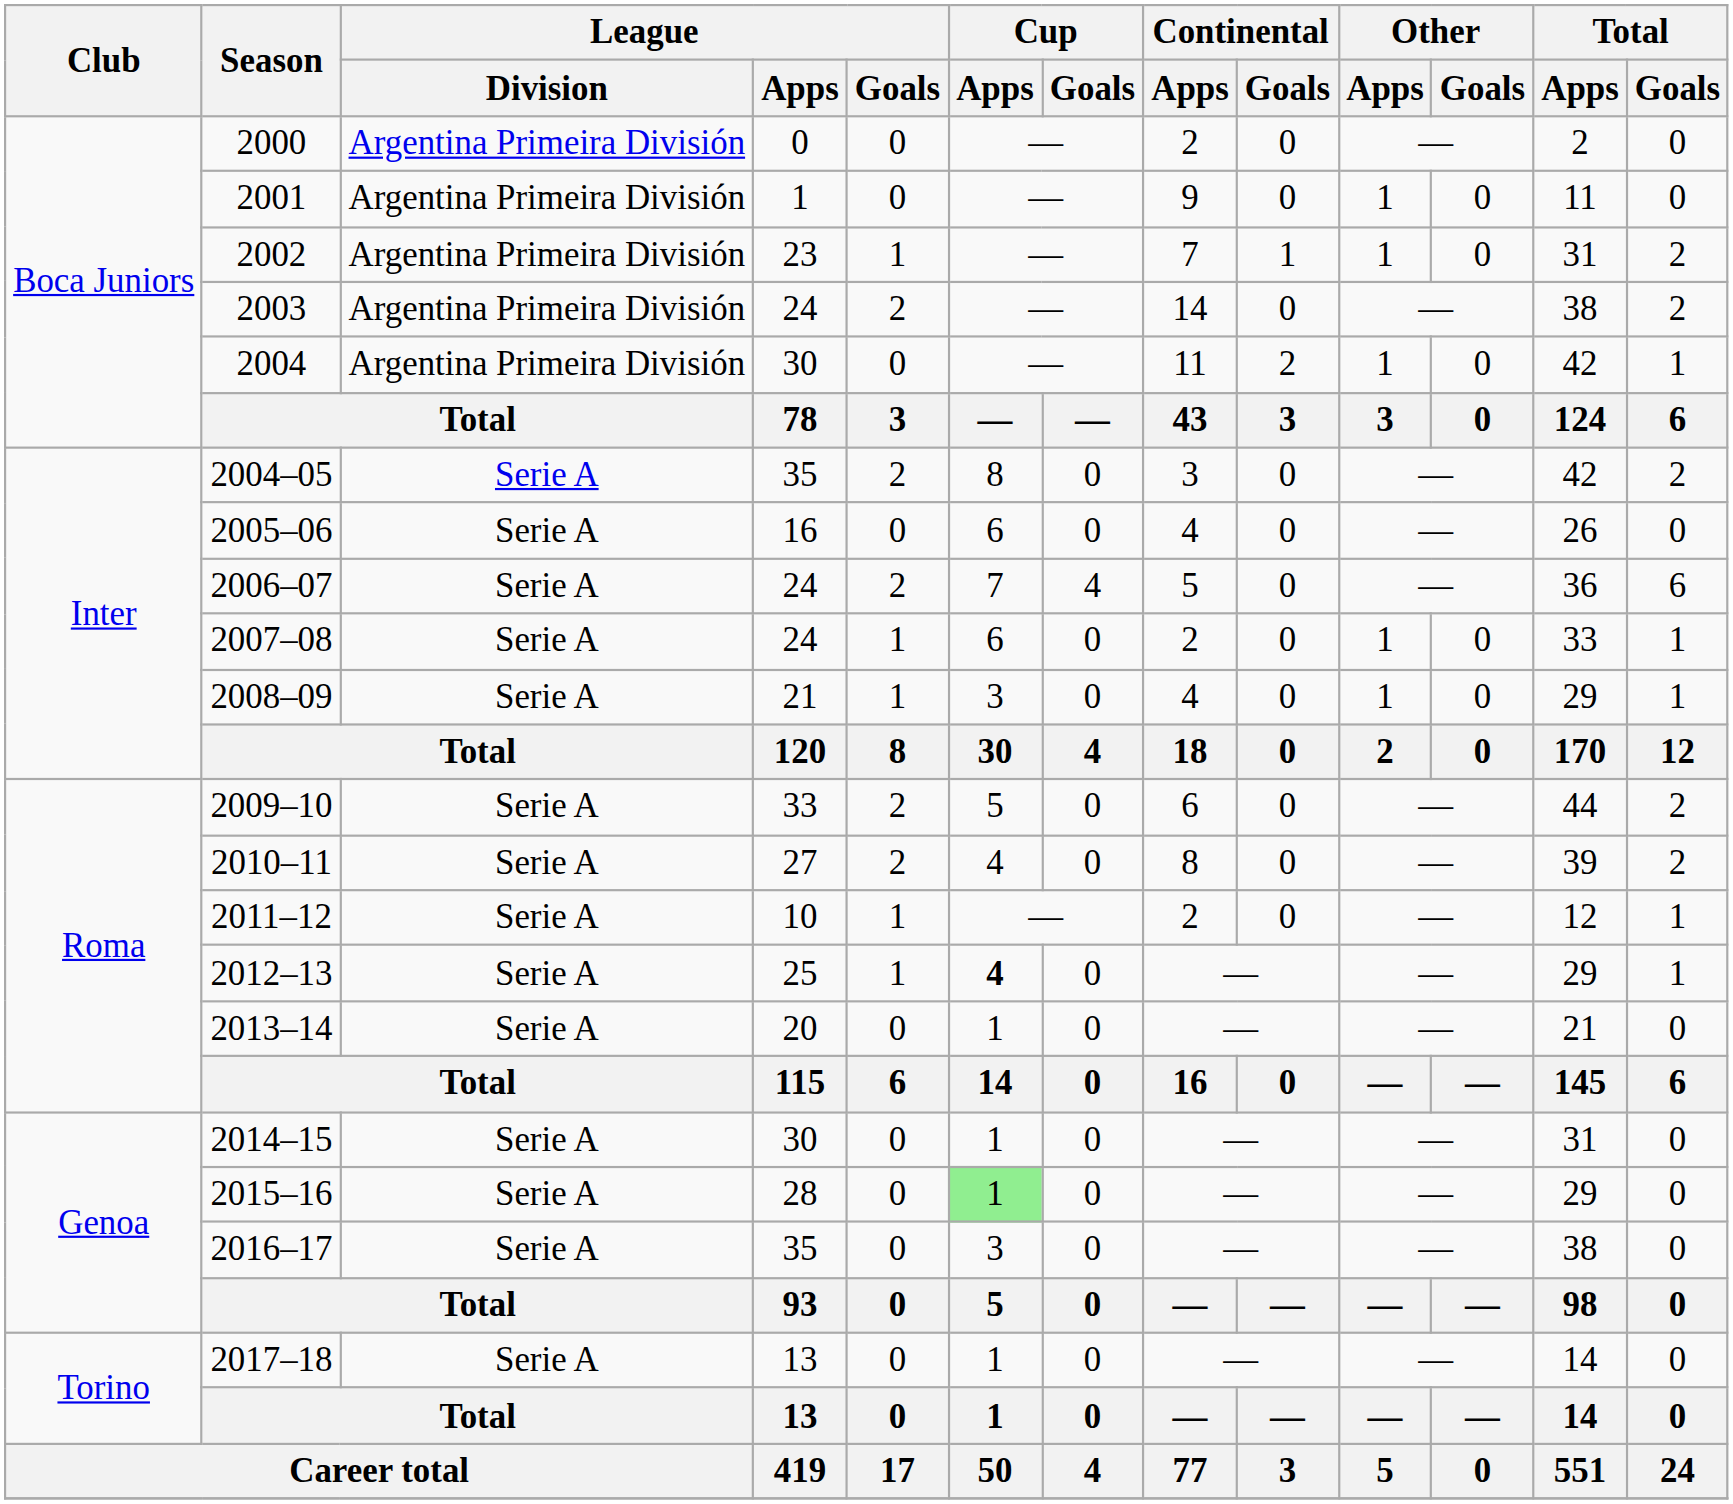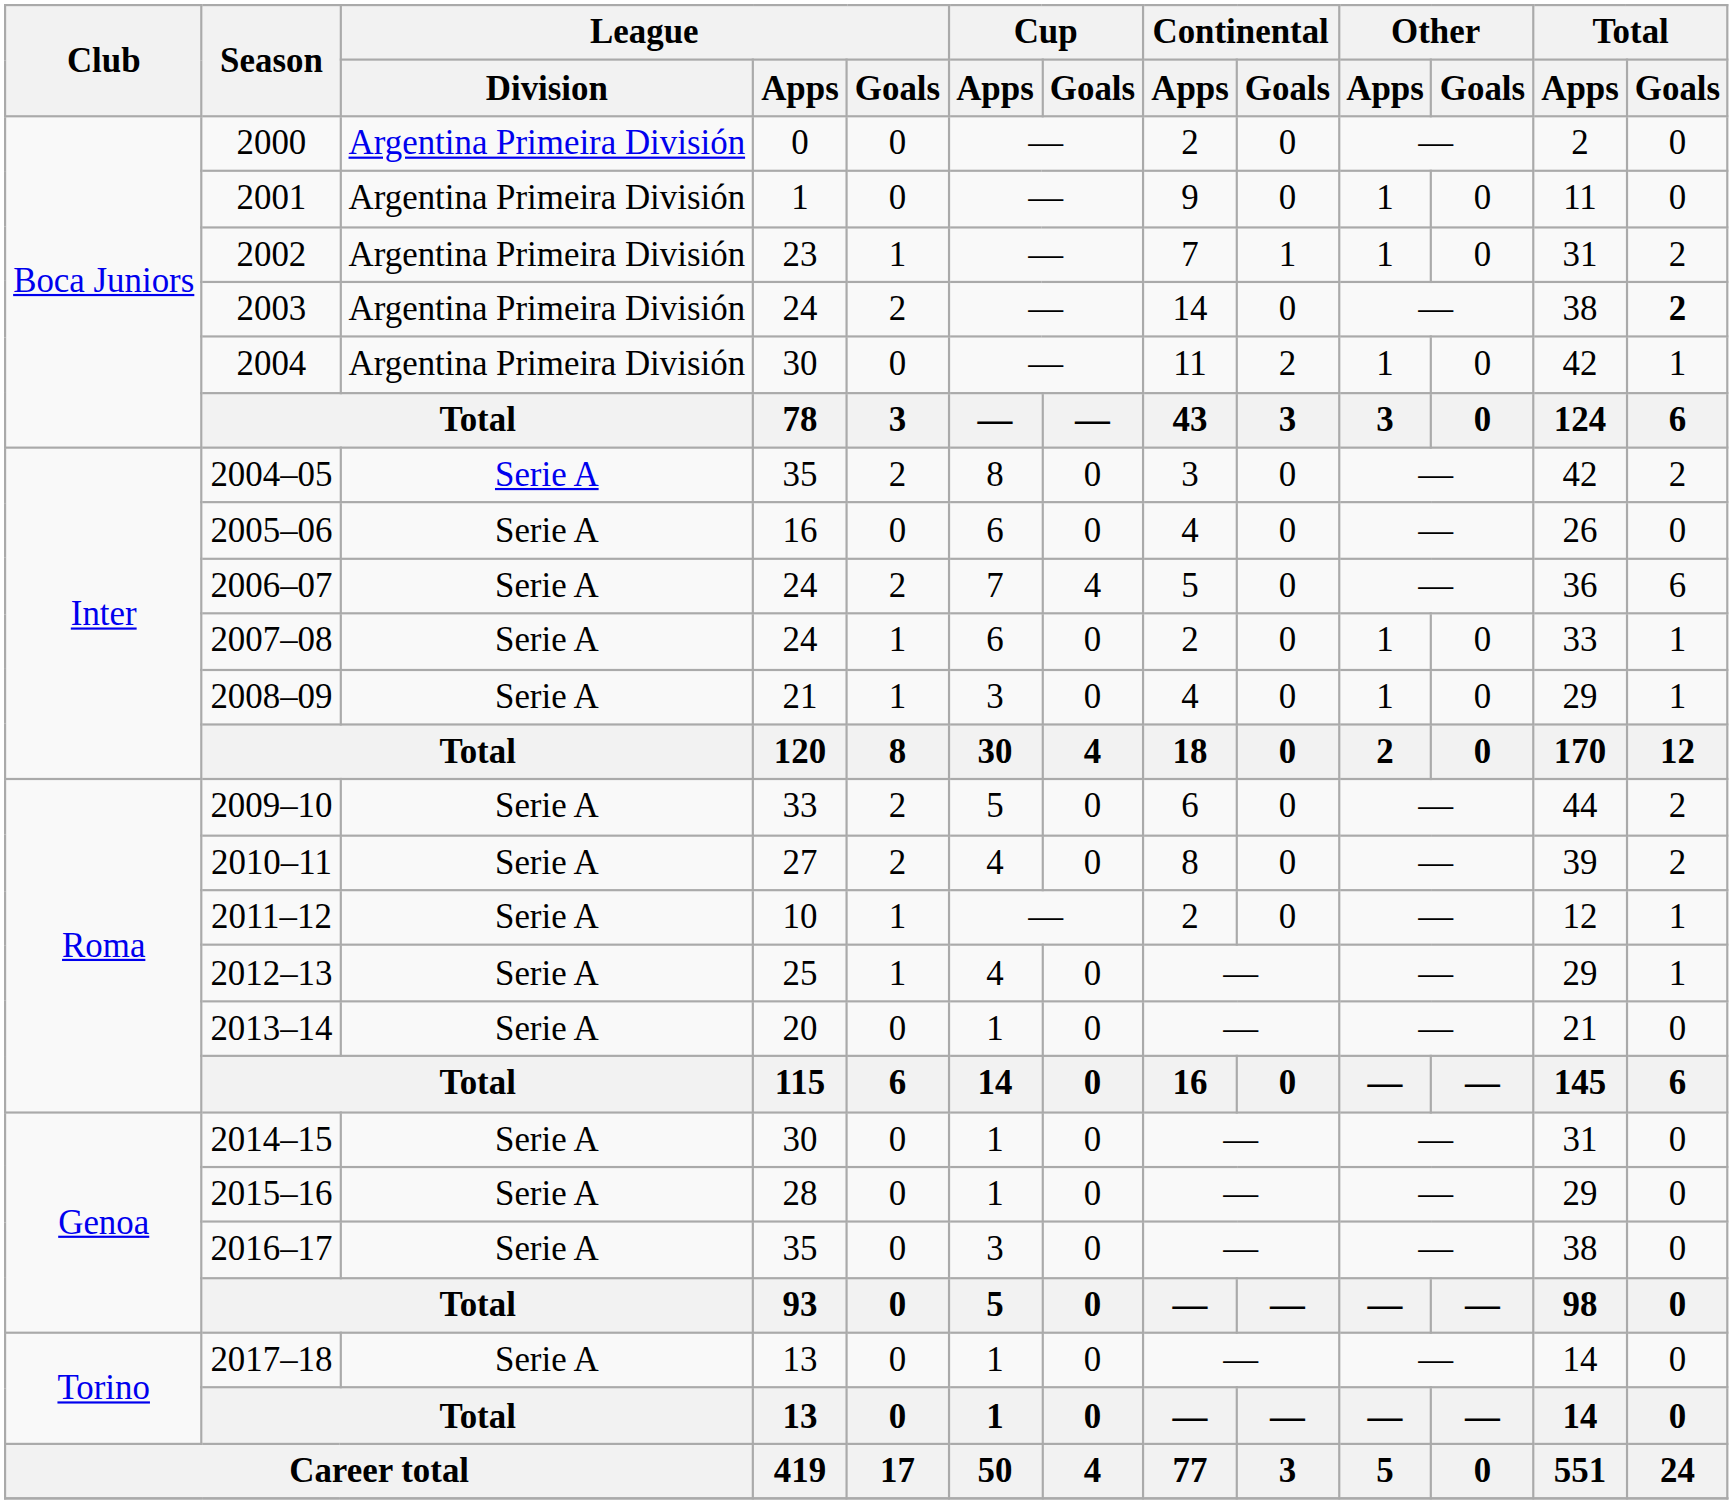 <table class="wikitable" style="text-align:center">
 <tr>
 <th rowspan="2">Club</th>
 <th rowspan="2">Season</th>
 <th colspan="3">League</th>
 <th colspan="2">Cup</th>
 <th colspan="2">Continental</th>
 <th colspan="2">Other</th>
 <th colspan="2">Total</th>
 </tr>
 <tr>
 <th>Division</th>
 <th>Apps</th>
 <th>Goals</th>
 <th>Apps</th>
 <th>Goals</th>
 <th>Apps</th>
 <th>Goals</th>
 <th>Apps</th>
 <th>Goals</th>
 <th>Apps</th>
 <th>Goals</th>
 </tr>
 <tr>
 <td rowspan="6"><a href='#'>Boca Juniors</a></td>
 <td>2000</td>
 <td><a href='#'>Argentina Primeira División</a></td>
 <td>0</td>
 <td>0</td>
 <td colspan="2">—</td>
 <td>2</td>
 <td>0</td>
 <td colspan="2">—</td>
 <td>2</td>
 <td>0</td>
 </tr>
 <tr>
 <td>2001</td>
 <td>Argentina Primeira División</td>
 <td>1</td>
 <td>0</td>
 <td colspan="2">—</td>
 <td>9</td>
 <td>0</td>
 <td>1</td>
 <td>0</td>
 <td>11</td>
 <td>0</td>
 </tr>
 <tr>
 <td>2002</td>
 <td>Argentina Primeira División</td>
 <td>23</td>
 <td>1</td>
 <td colspan="2">—</td>
 <td>7</td>
 <td>1</td>
 <td>1</td>
 <td>0</td>
 <td>31</td>
 <td>2</td>
 </tr>
 <tr>
 <td>2003</td>
 <td>Argentina Primeira División</td>
 <td>24</td>
 <td>2</td>
 <td colspan="2">—</td>
 <td>14</td>
 <td>0</td>
 <td colspan="2">—</td>
 <td>38</td>
-<td>2</td>
+<td><strong>2</strong></td>
 </tr>
 <tr>
 <td>2004</td>
 <td>Argentina Primeira División</td>
 <td>30</td>
 <td>0</td>
 <td colspan="2">—</td>
 <td>11</td>
 <td>2</td>
 <td>1</td>
 <td>0</td>
 <td>42</td>
 <td>1</td>
 </tr>
 <tr>
 <th colspan="2">Total</th>
 <th>78</th>
 <th>3</th>
 <th>—</th>
 <th>—</th>
 <th>43</th>
 <th>3</th>
 <th>3</th>
 <th>0</th>
 <th>124</th>
 <th>6</th>
 </tr>
 <tr>
 <td rowspan="6"><a href='#'>Inter</a></td>
 <td>2004–05</td>
 <td><a href='#'>Serie A</a></td>
 <td>35</td>
 <td>2</td>
 <td>8</td>
 <td>0</td>
 <td>3</td>
 <td>0</td>
 <td colspan="2">—</td>
 <td>42</td>
 <td>2</td>
 </tr>
 <tr>
 <td>2005–06</td>
 <td>Serie A</td>
 <td>16</td>
 <td>0</td>
 <td>6</td>
 <td>0</td>
 <td>4</td>
 <td>0</td>
 <td colspan="2">—</td>
 <td>26</td>
 <td>0</td>
 </tr>
 <tr>
 <td>2006–07</td>
 <td>Serie A</td>
 <td>24</td>
 <td>2</td>
 <td>7</td>
 <td>4</td>
 <td>5</td>
 <td>0</td>
 <td colspan="2">—</td>
 <td>36</td>
 <td>6</td>
 </tr>
 <tr>
 <td>2007–08</td>
 <td>Serie A</td>
 <td>24</td>
 <td>1</td>
 <td>6</td>
 <td>0</td>
 <td>2</td>
 <td>0</td>
 <td>1</td>
 <td>0</td>
 <td>33</td>
 <td>1</td>
 </tr>
 <tr>
 <td>2008–09</td>
 <td>Serie A</td>
 <td>21</td>
 <td>1</td>
 <td>3</td>
 <td>0</td>
 <td>4</td>
 <td>0</td>
 <td>1</td>
 <td>0</td>
 <td>29</td>
 <td>1</td>
 </tr>
 <tr>
 <th colspan="2">Total</th>
 <th>120</th>
 <th>8</th>
 <th>30</th>
 <th>4</th>
 <th>18</th>
 <th>0</th>
 <th>2</th>
 <th>0</th>
 <th>170</th>
 <th>12</th>
 </tr>
 <tr>
 <td rowspan="6"><a href='#'>Roma</a></td>
 <td>2009–10</td>
 <td>Serie A</td>
 <td>33</td>
 <td>2</td>
 <td>5</td>
 <td>0</td>
 <td>6</td>
 <td>0</td>
 <td colspan="2">—</td>
 <td>44</td>
 <td>2</td>
 </tr>
 <tr>
 <td>2010–11</td>
 <td>Serie A</td>
 <td>27</td>
 <td>2</td>
 <td>4</td>
 <td>0</td>
 <td>8</td>
 <td>0</td>
 <td colspan="2">—</td>
 <td>39</td>
 <td>2</td>
 </tr>
 <tr>
 <td>2011–12</td>
 <td>Serie A</td>
 <td>10</td>
 <td>1</td>
 <td colspan="2">—</td>
 <td>2</td>
 <td>0</td>
 <td colspan="2">—</td>
 <td>12</td>
 <td>1</td>
 </tr>
 <tr>
 <td>2012–13</td>
 <td>Serie A</td>
 <td>25</td>
 <td>1</td>
-<td><strong>4</strong></td>
+<td>4</td>
 <td>0</td>
 <td colspan="2">—</td>
 <td colspan="2">—</td>
 <td>29</td>
 <td>1</td>
 </tr>
 <tr>
 <td>2013–14</td>
 <td>Serie A</td>
 <td>20</td>
 <td>0</td>
 <td>1</td>
 <td>0</td>
 <td colspan="2">—</td>
 <td colspan="2">—</td>
 <td>21</td>
 <td>0</td>
 </tr>
 <tr>
 <th colspan="2">Total</th>
 <th>115</th>
 <th>6</th>
 <th>14</th>
 <th>0</th>
 <th>16</th>
 <th>0</th>
 <th>—</th>
 <th>—</th>
 <th>145</th>
 <th>6</th>
 </tr>
 <tr>
 <td rowspan="4"><a href='#'>Genoa</a></td>
 <td>2014–15</td>
 <td>Serie A</td>
 <td>30</td>
 <td>0</td>
 <td>1</td>
 <td>0</td>
 <td colspan="2">—</td>
 <td colspan="2">—</td>
 <td>31</td>
 <td>0</td>
 </tr>
 <tr>
 <td>2015–16</td>
 <td>Serie A</td>
 <td>28</td>
 <td>0</td>
-<td style="background: lightgreen;">1</td>
+<td>1</td>
 <td>0</td>
 <td colspan="2">—</td>
 <td colspan="2">—</td>
 <td>29</td>
 <td>0</td>
 </tr>
 <tr>
 <td>2016–17</td>
 <td>Serie A</td>
 <td>35</td>
 <td>0</td>
 <td>3</td>
 <td>0</td>
 <td colspan="2">—</td>
 <td colspan="2">—</td>
 <td>38</td>
 <td>0</td>
 </tr>
 <tr>
 <th colspan="2">Total</th>
 <th>93</th>
 <th>0</th>
 <th>5</th>
 <th>0</th>
 <th>—</th>
 <th>—</th>
 <th>—</th>
 <th>—</th>
 <th>98</th>
 <th>0</th>
 </tr>
 <tr>
 <td rowspan="2"><a href='#'>Torino</a></td>
 <td>2017–18</td>
 <td>Serie A</td>
 <td>13</td>
 <td>0</td>
 <td>1</td>
 <td>0</td>
 <td colspan="2">—</td>
 <td colspan="2">—</td>
 <td>14</td>
 <td>0</td>
 </tr>
 <tr>
 <th colspan="2">Total</th>
 <th>13</th>
 <th>0</th>
 <th>1</th>
 <th>0</th>
 <th>—</th>
 <th>—</th>
 <th>—</th>
 <th>—</th>
 <th>14</th>
 <th>0</th>
 </tr>
 <tr>
 <th colspan="3">Career total</th>
 <th>419</th>
 <th>17</th>
 <th>50</th>
 <th>4</th>
 <th>77</th>
 <th>3</th>
 <th>5</th>
 <th>0</th>
 <th>551</th>
 <th>24</th>
 </tr>
 <tr>
 </tr>
 </table>
